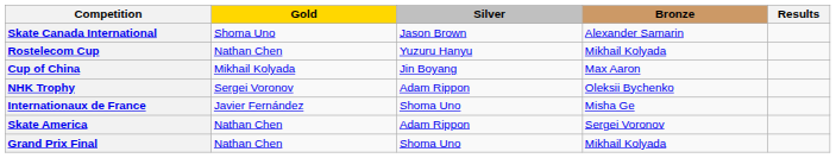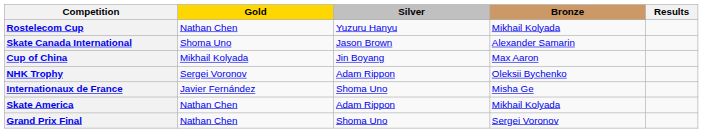 <table class="wikitable unsortable" style="text-align:left; width:90%">
 <tr>
 <th scope="col" style="text-align:center; width:25%;">Competition</th>
 <td scope="col" style="text-align:center; width:22.5%; background:gold"><strong>Gold</strong></td>
 <td scope="col" style="text-align:center; width:22.5%; background:silver"><strong>Silver</strong></td>
 <td scope="col" style="text-align:center; width:22.5%; background:#c96"><strong>Bronze</strong></td>
 <th scope="col" style="text-align:center; width:7.5%;">Results</th>
 </tr>
 <tr>
+<th scope="row" style="text-align:left"> <a href='#'>Rostelecom Cup</a></th>
+<td> <a href='#'>Nathan Chen</a></td>
+<td> <a href='#'>Yuzuru Hanyu</a></td>
+<td> <a href='#'>Mikhail Kolyada</a></td>
+<td></td>
+</tr>
+<tr>
 <th scope="row" style="text-align:left"> <a href='#'>Skate Canada International</a></th>
 <td> <a href='#'>Shoma Uno</a></td>
 <td> <a href='#'>Jason Brown</a></td>
 <td> <a href='#'>Alexander Samarin</a></td>
-<td></td>
-</tr>
-<tr>
-<th scope="row" style="text-align:left"> <a href='#'>Rostelecom Cup</a></th>
-<td> <a href='#'>Nathan Chen</a></td>
-<td> <a href='#'>Yuzuru Hanyu</a></td>
-<td> <a href='#'>Mikhail Kolyada</a></td>
 <td></td>
 </tr>
 <tr>
 <th scope="row" style="text-align:left"> <a href='#'>Cup of China</a></th>
 <td> <a href='#'>Mikhail Kolyada</a></td>
 <td> <a href='#'>Jin Boyang</a></td>
 <td> <a href='#'>Max Aaron</a></td>
 <td></td>
 </tr>
 <tr>
 <th scope="row" style="text-align:left"> <a href='#'>NHK Trophy</a></th>
 <td> <a href='#'>Sergei Voronov</a></td>
 <td> <a href='#'>Adam Rippon</a></td>
 <td> <a href='#'>Oleksii Bychenko</a></td>
 <td></td>
 </tr>
 <tr>
 <th scope="row" style="text-align:left"> <a href='#'>Internationaux de France</a></th>
 <td> <a href='#'>Javier Fernández</a></td>
 <td> <a href='#'>Shoma Uno</a></td>
 <td> <a href='#'>Misha Ge</a></td>
 <td></td>
 </tr>
 <tr>
 <th scope="row" style="text-align:left"> <a href='#'>Skate America</a></th>
 <td> <a href='#'>Nathan Chen</a></td>
 <td> <a href='#'>Adam Rippon</a></td>
-<td> <a href='#'>Sergei Voronov</a></td>
+<td> <a href='#'>Mikhail Kolyada</a></td>
 <td></td>
 </tr>
 <tr>
 <th scope="row" style="text-align:left"> <a href='#'>Grand Prix Final</a></th>
 <td> <a href='#'>Nathan Chen</a></td>
 <td> <a href='#'>Shoma Uno</a></td>
-<td> <a href='#'>Mikhail Kolyada</a></td>
+<td> <a href='#'>Sergei Voronov</a></td>
 <td></td>
 </tr>
 </table>
